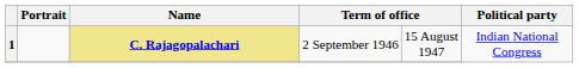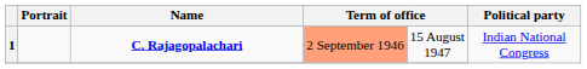 <table class="wikitable" style="text-align:center">
 <tr>
 <th></th>
 <th>Portrait</th>
 <th style="width:17em">Name</th>
 <th colspan="2">Term of office</th>
 <th style="width:8em">Political party</th>
 </tr>
 <tr>
 <th>1</th>
 <td></td>
-<td style="background: khaki;"><strong><a href='#'>C. Rajagopalachari</a></strong></td>
-<td>2 September 1946</td>
+<td><strong><a href='#'>C. Rajagopalachari</a></strong></td>
+<td style="background: lightsalmon;">2 September 1946</td>
 <td>15 August<br>1947</td>
 <td rowspan="15"><a href='#'>Indian National Congress</a></td>
 </tr>
 <tr>
 </tr>
 </table>
